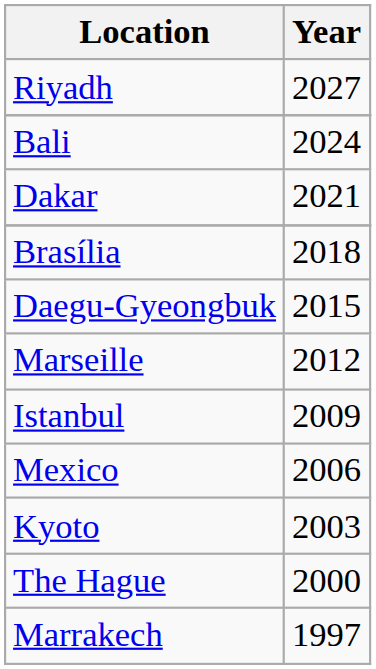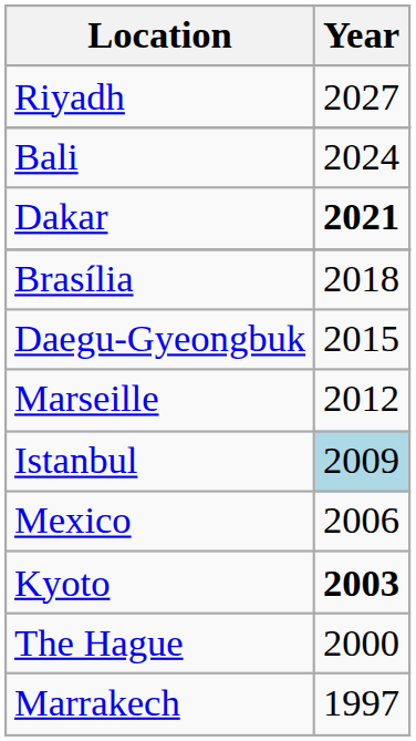 <table class="wikitable">
 <tr>
 <th>Location</th>
 <th>Year</th>
 </tr>
 <tr valign="top">
 <td><a href='#'>Riyadh</a></td>
 <td>2027</td>
 </tr>
 <tr>
 </tr>
 <tr valign="top">
 <td><a href='#'>Bali</a></td>
 <td>2024</td>
 </tr>
 <tr>
 <td><a href='#'>Dakar</a></td>
-<td>2021</td>
+<td><strong>2021</strong></td>
 </tr>
 <tr>
 </tr>
 <tr valign="top">
 <td><a href='#'>Brasília</a></td>
 <td>2018</td>
 </tr>
 <tr>
 <td><a href='#'>Daegu-Gyeongbuk</a></td>
 <td>2015</td>
 </tr>
 <tr>
 <td><a href='#'>Marseille</a></td>
 <td>2012</td>
 </tr>
 <tr>
 <td><a href='#'>Istanbul</a></td>
-<td>2009</td>
+<td style="background: lightblue;">2009</td>
 </tr>
 <tr>
 <td><a href='#'>Mexico</a></td>
 <td>2006</td>
 </tr>
 <tr>
 <td><a href='#'>Kyoto</a></td>
-<td>2003</td>
+<td><strong>2003</strong></td>
 </tr>
 <tr>
 <td><a href='#'>The Hague</a></td>
 <td>2000</td>
 </tr>
 <tr>
 <td><a href='#'>Marrakech</a></td>
 <td>1997</td>
 </tr>
 </table>
